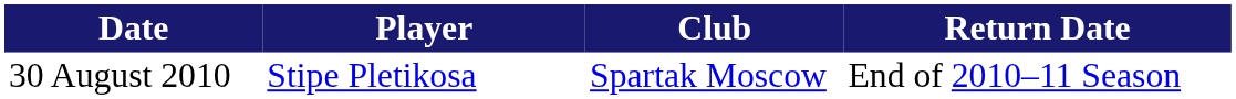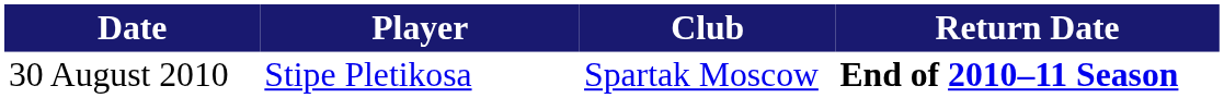 <table border="0" cellspacing="0" cellpadding="2">
 <tr style="background:#191970; color:white;">
 <th width=20%>Date</th>
 <th width=25%>Player</th>
 <th width=20%>Club</th>
 <th width=30%>Return Date</th>
 </tr>
 <tr>
 <td>30 August 2010</td>
 <td> <a href='#'>Stipe Pletikosa</a></td>
 <td><a href='#'>Spartak Moscow</a></td>
-<td>End of <a href='#'>2010–11 Season</a></td>
+<td><strong>End of <a href='#'>2010–11 Season</a></strong></td>
 </tr>
 <tr>
 </tr>
 </table>
